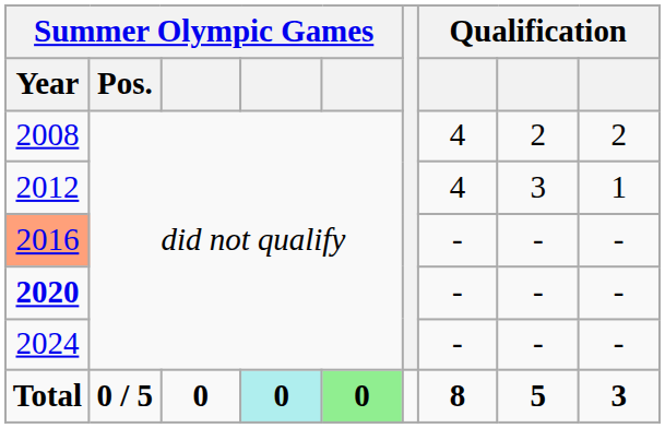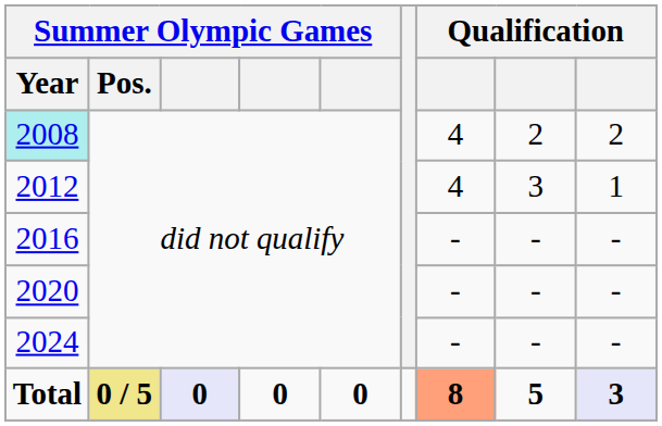 <table class="wikitable" style="text-align: center;font-size:90%;">
 <tr>
 <th colspan=5><a href='#'>Summer Olympic Games</a></th>
 <th rowspan=7></th>
 <th colspan=3>Qualification</th>
 </tr>
 <tr>
 <th>Year</th>
 <th>Pos.</th>
 <th width=30></th>
 <th width=30></th>
 <th width=30></th>
 <th width=30></th>
 <th width=30></th>
 <th width=30></th>
 </tr>
 <tr>
-<td> <a href='#'>2008</a></td>
+<td style="background: paleturquoise;"> <a href='#'>2008</a></td>
 <td colspan=5 rowspan=5><em>did not qualify</em></td>
 <td>4</td>
 <td>2</td>
 <td>2</td>
 </tr>
 <tr>
 <td> <a href='#'>2012</a></td>
 <td>4</td>
 <td>3</td>
 <td>1</td>
 </tr>
 <tr>
-<td style="background: lightsalmon;"> <a href='#'>2016</a></td>
+<td> <a href='#'>2016</a></td>
 <td>-</td>
 <td>-</td>
 <td>-</td>
 </tr>
 <tr>
-<td><strong> <a href='#'>2020</a></strong></td>
+<td> <a href='#'>2020</a></td>
 <td>-</td>
 <td>-</td>
 <td>-</td>
 </tr>
 <tr>
 <td> <a href='#'>2024</a></td>
 <td>-</td>
 <td>-</td>
 <td>-</td>
 </tr>
 <tr>
 <td><strong>Total</strong></td>
-<td><strong>0 / 5</strong></td>
+<td style="background: khaki;"><strong>0 / 5</strong></td>
+<td style="background: lavender;"><strong>0</strong></td>
 <td><strong>0</strong></td>
-<td style="background: paleturquoise;"><strong>0</strong></td>
-<td style="background: lightgreen;"><strong>0</strong></td>
+<td><strong>0</strong></td>
 <td></td>
-<td><strong>8</strong></td>
+<td style="background: lightsalmon;"><strong>8</strong></td>
 <td><strong>5</strong></td>
-<td><strong>3</strong></td>
+<td style="background: lavender;"><strong>3</strong></td>
 </tr>
 </table>
